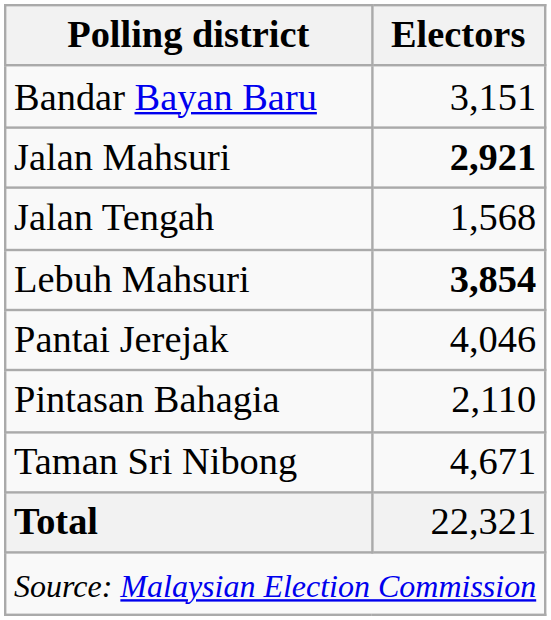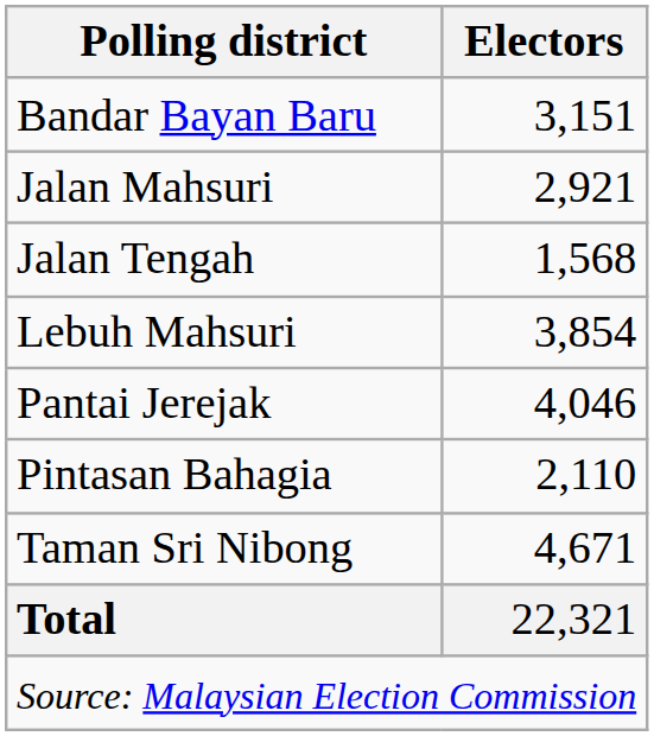 <table class="wikitable sortable">
 <tr>
 <th>Polling district</th>
 <th>Electors</th>
 </tr>
 <tr>
 <td>Bandar <a href='#'>Bayan Baru</a></td>
 <td align="right">3,151</td>
 </tr>
 <tr>
 <td>Jalan Mahsuri</td>
-<td align="right"><strong>2,921</strong></td>
+<td align="right">2,921</td>
 </tr>
 <tr>
 <td>Jalan Tengah</td>
 <td align="right">1,568</td>
 </tr>
 <tr>
 <td>Lebuh Mahsuri</td>
-<td align="right"><strong>3,854</strong></td>
+<td align="right">3,854</td>
 </tr>
 <tr>
 <td>Pantai Jerejak</td>
 <td align="right">4,046</td>
 </tr>
 <tr>
 <td>Pintasan Bahagia</td>
 <td align="right">2,110</td>
 </tr>
 <tr>
 <td>Taman Sri Nibong</td>
 <td align="right">4,671</td>
 </tr>
 <tr>
 <td style="background: #f2f2f2"><strong>Total</strong></td>
 <td style="background: #f2f2f2" align="right">22,321</td>
 </tr>
 <tr>
 <td colspan="2" align="right"><small><em>Source: <a href='#'>Malaysian Election Commission</a></em></small></td>
 </tr>
 </table>
